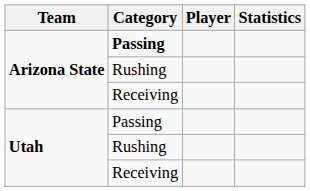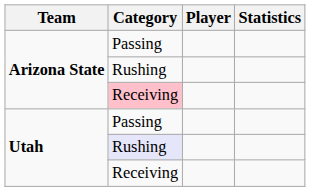 <table class="wikitable" style="float: right;">
 <tr>
 <th>Team</th>
 <th>Category</th>
 <th>Player</th>
 <th>Statistics</th>
 </tr>
 <tr>
 <td rowspan=3><strong>Arizona State</strong></td>
-<td><strong>Passing</strong></td>
+<td>Passing</td>
 <td></td>
 <td></td>
 </tr>
 <tr>
 <td>Rushing</td>
 <td></td>
 <td></td>
 </tr>
 <tr>
-<td>Receiving</td>
+<td style="background: pink;">Receiving</td>
 <td></td>
 <td></td>
 </tr>
 <tr>
 <td rowspan=3><strong>Utah</strong></td>
 <td>Passing</td>
 <td></td>
 <td></td>
 </tr>
 <tr>
-<td>Rushing</td>
+<td style="background: lavender;">Rushing</td>
 <td></td>
 <td></td>
 </tr>
 <tr>
 <td>Receiving</td>
 <td></td>
 <td></td>
 </tr>
 </table>
